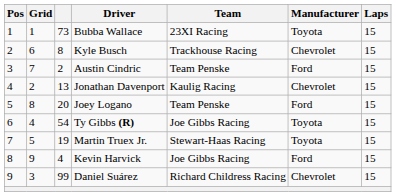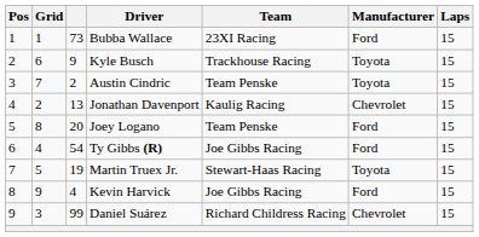 <table class="wikitable" style="font-size:98%">
 <tr>
 <th>Pos</th>
 <th>Grid</th>
 <th></th>
 <th>Driver</th>
 <th>Team</th>
 <th>Manufacturer</th>
 <th>Laps</th>
 </tr>
 <tr>
 <td>1</td>
 <td>1</td>
 <td>73</td>
 <td>Bubba Wallace</td>
 <td>23XI Racing</td>
-<td>Toyota</td>
+<td>Ford</td>
 <td>15</td>
 </tr>
 <tr>
 <td>2</td>
 <td>6</td>
-<td>8</td>
+<td>9</td>
 <td>Kyle Busch</td>
 <td>Trackhouse Racing</td>
-<td>Chevrolet</td>
+<td>Toyota</td>
 <td>15</td>
 </tr>
 <tr>
 <td>3</td>
 <td>7</td>
 <td>2</td>
 <td>Austin Cindric</td>
 <td>Team Penske</td>
-<td>Ford</td>
+<td>Toyota</td>
 <td>15</td>
 </tr>
 <tr>
 <td>4</td>
 <td>2</td>
 <td>13</td>
 <td>Jonathan Davenport</td>
 <td>Kaulig Racing</td>
 <td>Chevrolet</td>
 <td>15</td>
 </tr>
 <tr>
 <td>5</td>
 <td>8</td>
 <td>20</td>
 <td>Joey Logano</td>
 <td>Team Penske</td>
 <td>Ford</td>
 <td>15</td>
 </tr>
 <tr>
 <td>6</td>
 <td>4</td>
 <td>54</td>
 <td>Ty Gibbs <strong>(R)</strong></td>
 <td>Joe Gibbs Racing</td>
-<td>Toyota</td>
+<td>Ford</td>
 <td>15</td>
 </tr>
 <tr>
 <td>7</td>
 <td>5</td>
 <td>19</td>
 <td>Martin Truex Jr.</td>
 <td>Stewart-Haas Racing</td>
 <td>Toyota</td>
 <td>15</td>
 </tr>
 <tr>
 <td>8</td>
 <td>9</td>
 <td>4</td>
 <td>Kevin Harvick</td>
 <td>Joe Gibbs Racing</td>
 <td>Ford</td>
 <td>15</td>
 </tr>
 <tr>
 <td>9</td>
 <td>3</td>
 <td>99</td>
 <td>Daniel Suárez</td>
 <td>Richard Childress Racing</td>
 <td>Chevrolet</td>
 <td>15</td>
 </tr>
 <tr>
 <th colspan="7"></th>
 </tr>
 </table>
